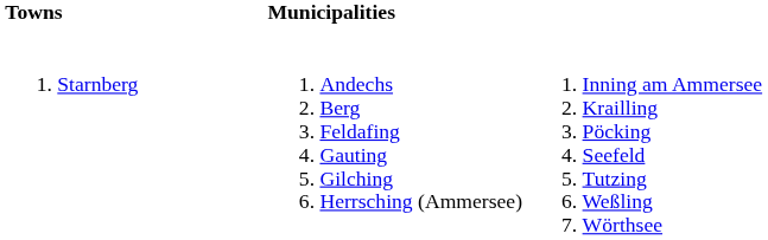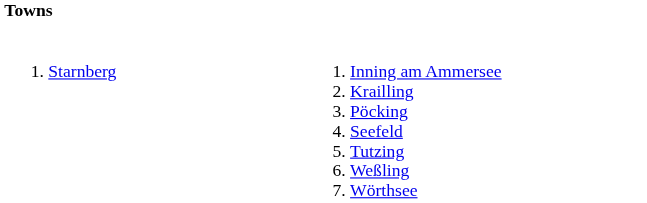 <table>
 <tr>
 <th align=left width=33%>Towns</th>
-<th align=left width=33%>Municipalities</th>
 <th align=left width=33%></th>
 </tr>
 <tr valign=top>
 <td><br><ol><li><a href='#'>Starnberg</a></li></ol></td>
-<td><br><ol><li><a href='#'>Andechs</a></li><li><a href='#'>Berg</a></li><li><a href='#'>Feldafing</a></li><li><a href='#'>Gauting</a></li><li><a href='#'>Gilching</a></li><li><a href='#'>Herrsching</a> (Ammersee)</li></ol></td>
 <td><br><ol> <li><a href='#'>Inning am Ammersee</a> <li><a href='#'>Krailling</a> <li><a href='#'>Pöcking</a> <li><a href='#'>Seefeld</a> <li><a href='#'>Tutzing</a> <li><a href='#'>Weßling</a> <li><a href='#'>Wörthsee</a> </ol></td>
 </tr>
 </table>
